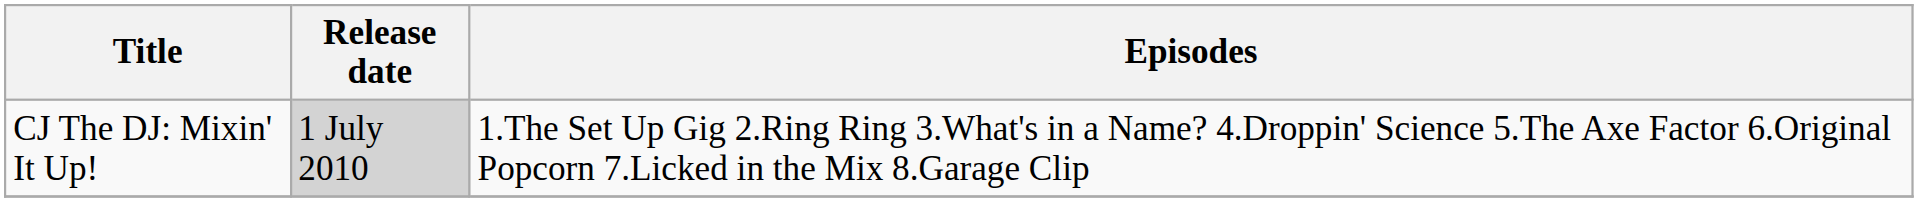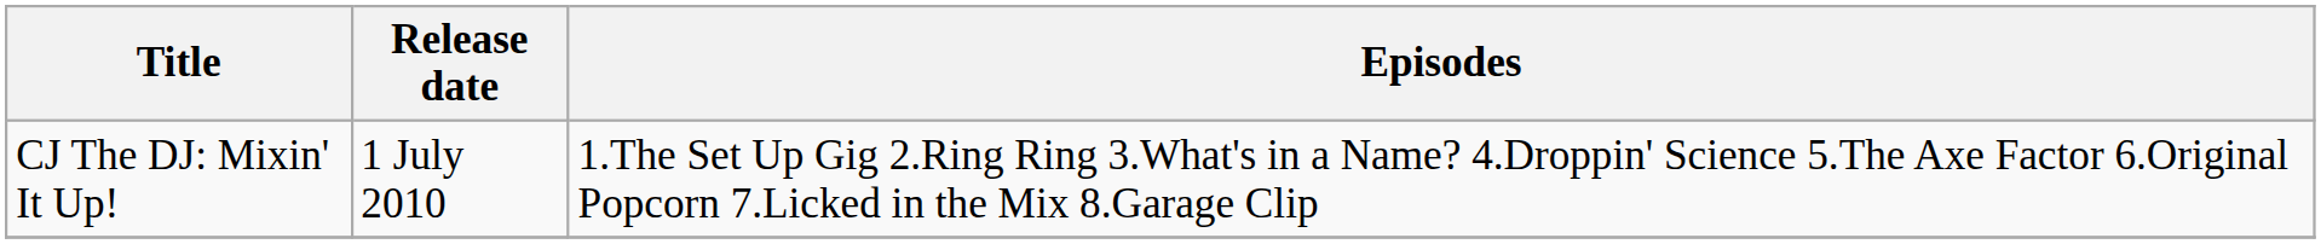 <table class="wikitable">
 <tr>
 <th>Title</th>
 <th>Release date</th>
 <th>Episodes</th>
 </tr>
 <tr>
 <td>CJ The DJ: Mixin' It Up!</td>
-<td style="background: lightgrey;">1 July 2010</td>
+<td>1 July 2010</td>
 <td>1.The Set Up Gig 2.Ring Ring 3.What's in a Name? 4.Droppin' Science 5.The Axe Factor 6.Original Popcorn 7.Licked in the Mix 8.Garage Clip</td>
 </tr>
 <tr>
 </tr>
 </table>
